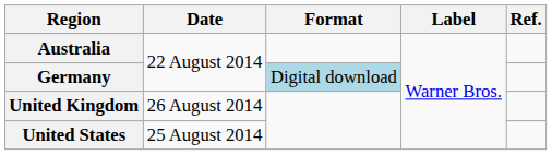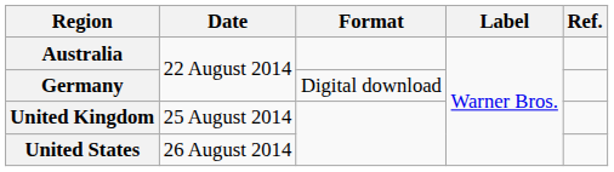 <table class="wikitable sortable plainrowheaders">
 <tr>
 <th scope="col">Region</th>
 <th scope="col">Date</th>
 <th scope="col">Format</th>
 <th scope="col">Label</th>
 <th scope="col">Ref.</th>
 </tr>
 <tr>
 <th scope="row">Australia</th>
 <td rowspan="2">22 August 2014</td>
 <td></td>
 <td rowspan="4"><a href='#'>Warner Bros.</a></td>
 <td></td>
 </tr>
 <tr>
 <th scope="row">Germany</th>
-<td style="background: lightblue;">Digital download</td>
+<td>Digital download</td>
 <td></td>
 </tr>
 <tr>
 <th scope="row">United Kingdom</th>
-<td>26 August 2014</td>
+<td>25 August 2014</td>
 <td rowspan="2"></td>
 <td></td>
 </tr>
 <tr>
 <th scope="row">United States</th>
-<td>25 August 2014</td>
+<td>26 August 2014</td>
 <td></td>
 </tr>
 </table>
